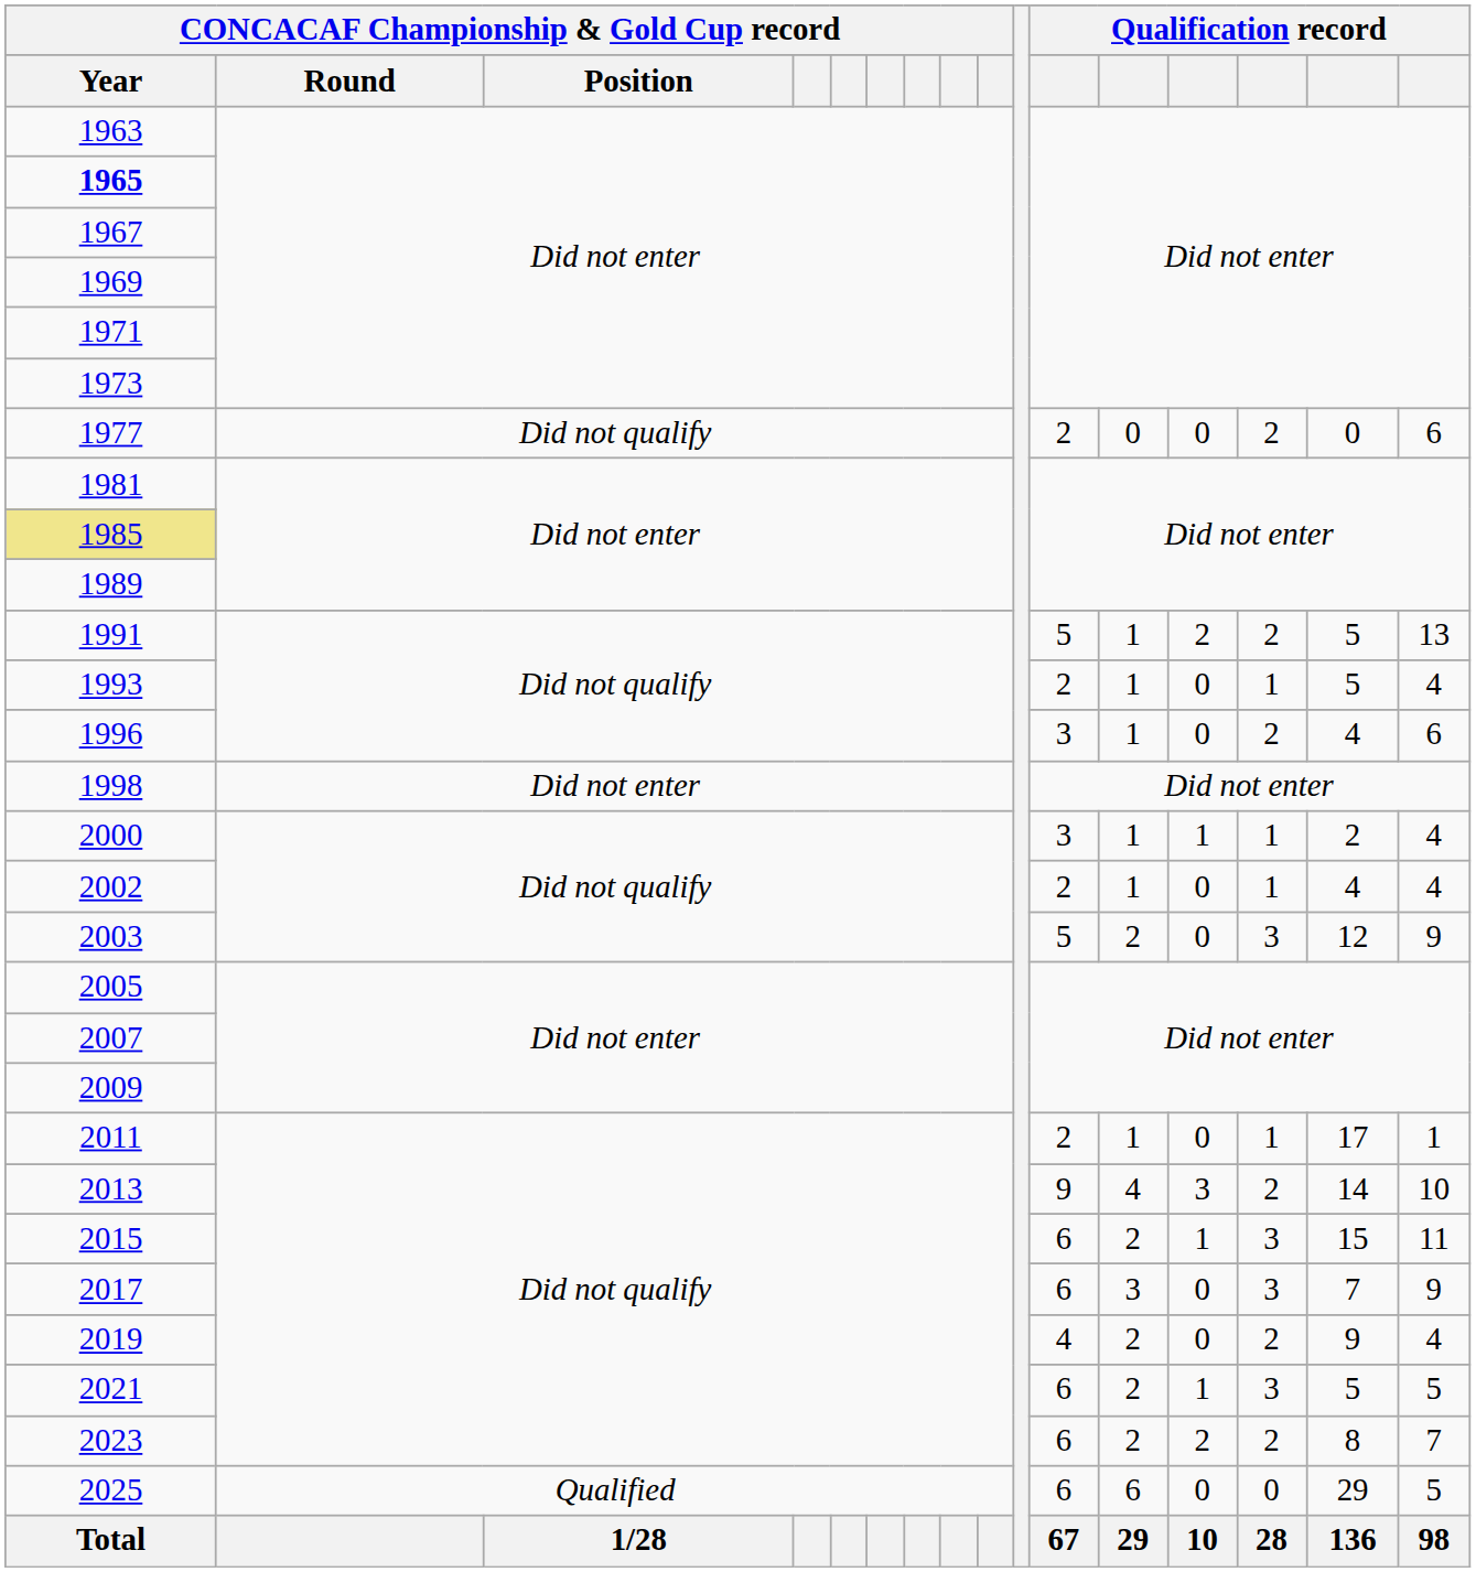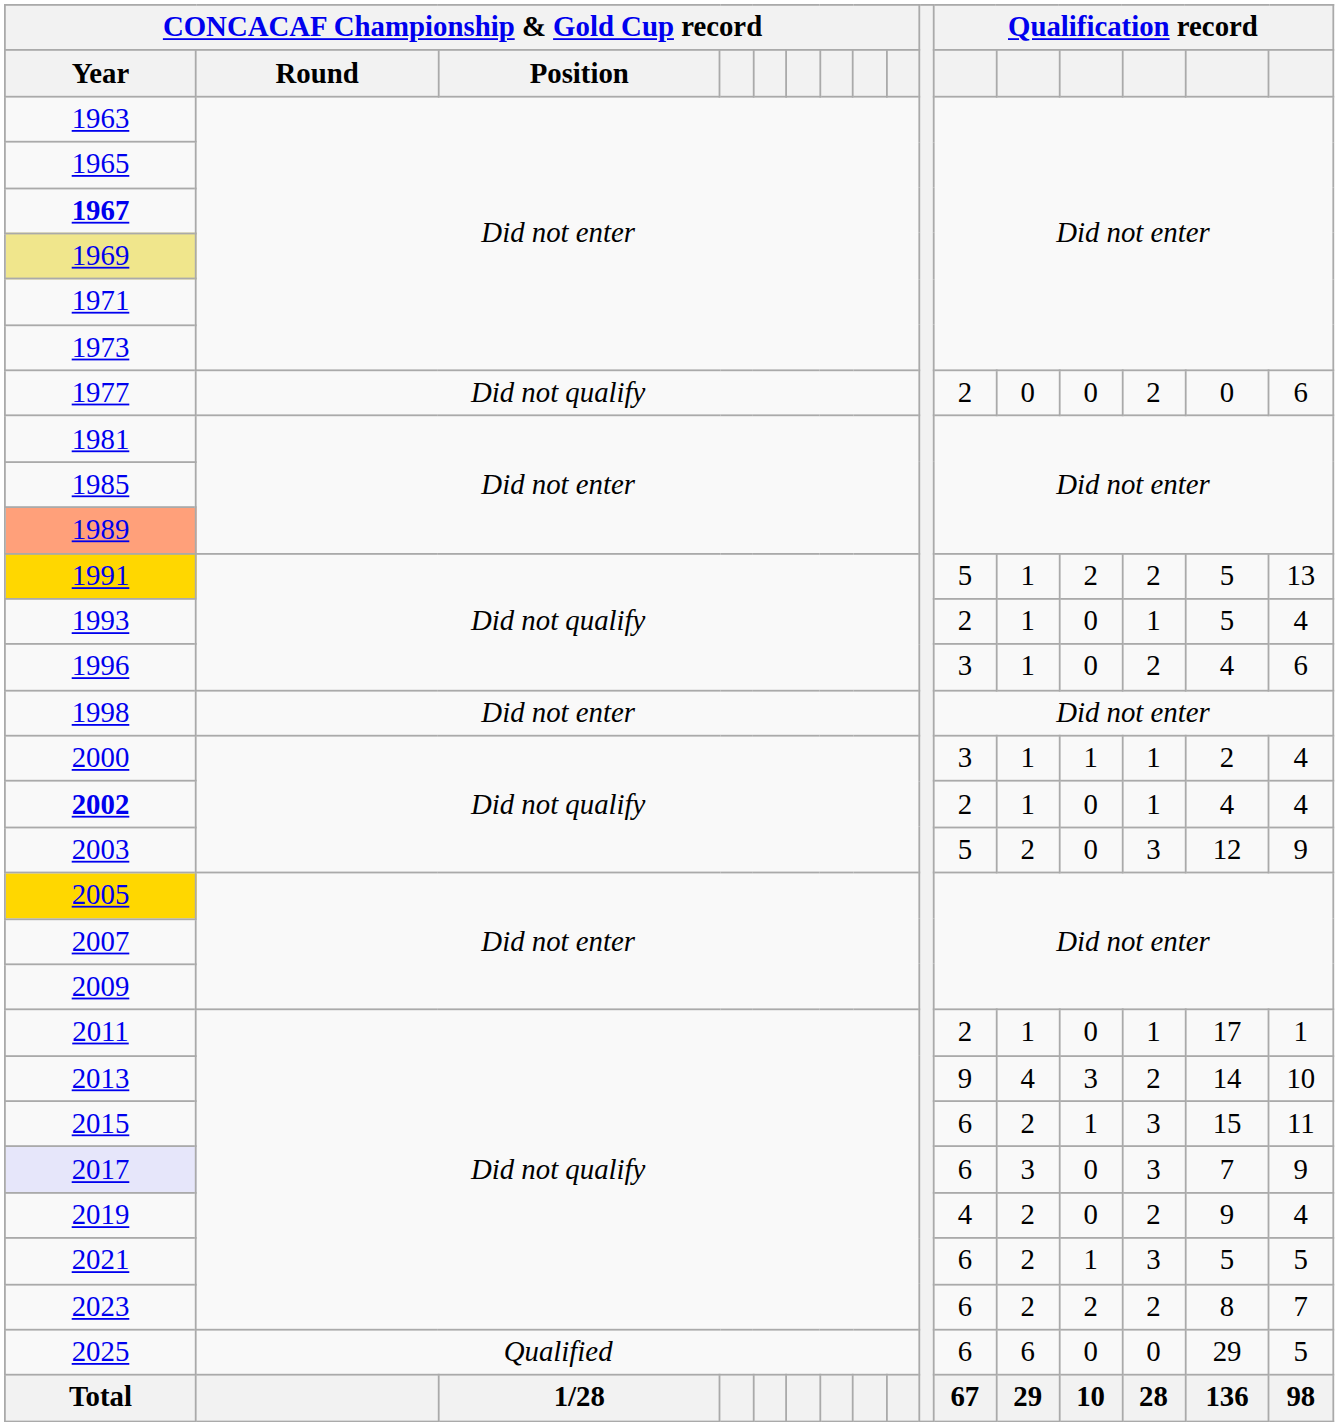 <table class="wikitable" style="text-align: center;">
 <tr>
 <th colspan=9><a href='#'>CONCACAF Championship</a> & <a href='#'>Gold Cup</a> record</th>
 <th width=1% rowspan=31></th>
 <th colspan=6><a href='#'>Qualification</a> record</th>
 </tr>
 <tr>
 <th>Year</th>
 <th>Round</th>
 <th>Position</th>
 <th></th>
 <th></th>
 <th></th>
 <th></th>
 <th></th>
 <th></th>
 <th></th>
 <th></th>
 <th></th>
 <th></th>
 <th></th>
 <th></th>
 </tr>
 <tr>
 <td> <a href='#'>1963</a></td>
 <td colspan=8 rowspan=6><em>Did not enter</em></td>
 <td colspan=6 rowspan=6><em>Did not enter</em></td>
 </tr>
 <tr>
-<td><strong> <a href='#'>1965</a></strong></td>
+<td> <a href='#'>1965</a></td>
 </tr>
 <tr>
-<td> <a href='#'>1967</a></td>
+<td><strong> <a href='#'>1967</a></strong></td>
 </tr>
 <tr>
-<td> <a href='#'>1969</a></td>
+<td style="background: khaki;"> <a href='#'>1969</a></td>
 </tr>
 <tr>
 <td> <a href='#'>1971</a></td>
 </tr>
 <tr>
 <td> <a href='#'>1973</a></td>
 </tr>
 <tr>
 <td> <a href='#'>1977</a></td>
 <td colspan=8><em>Did not qualify</em></td>
 <td>2</td>
 <td>0</td>
 <td>0</td>
 <td>2</td>
 <td>0</td>
 <td>6</td>
 </tr>
 <tr>
 <td> <a href='#'>1981</a></td>
 <td colspan=8 rowspan=3><em>Did not enter</em></td>
 <td colspan=6 rowspan=3><em>Did not enter</em></td>
 </tr>
 <tr>
-<td style="background: khaki;"><a href='#'>1985</a></td>
+<td><a href='#'>1985</a></td>
 </tr>
 <tr>
-<td><a href='#'>1989</a></td>
+<td style="background: lightsalmon;"><a href='#'>1989</a></td>
 </tr>
 <tr>
-<td> <a href='#'>1991</a></td>
+<td style="background: gold;"> <a href='#'>1991</a></td>
 <td colspan=8 rowspan=3><em>Did not qualify</em></td>
 <td>5</td>
 <td>1</td>
 <td>2</td>
 <td>2</td>
 <td>5</td>
 <td>13</td>
 </tr>
 <tr>
 <td>  <a href='#'>1993</a></td>
 <td>2</td>
 <td>1</td>
 <td>0</td>
 <td>1</td>
 <td>5</td>
 <td>4</td>
 </tr>
 <tr>
 <td> <a href='#'>1996</a></td>
 <td>3</td>
 <td>1</td>
 <td>0</td>
 <td>2</td>
 <td>4</td>
 <td>6</td>
 </tr>
 <tr>
 <td> <a href='#'>1998</a></td>
 <td colspan=8><em>Did not enter</em></td>
 <td colspan=6><em>Did not enter</em></td>
 </tr>
 <tr>
 <td> <a href='#'>2000</a></td>
 <td colspan=8 rowspan=3><em>Did not qualify</em></td>
 <td>3</td>
 <td>1</td>
 <td>1</td>
 <td>1</td>
 <td>2</td>
 <td>4</td>
 </tr>
 <tr>
-<td> <a href='#'>2002</a></td>
+<td><strong> <a href='#'>2002</a></strong></td>
 <td>2</td>
 <td>1</td>
 <td>0</td>
 <td>1</td>
 <td>4</td>
 <td>4</td>
 </tr>
 <tr>
 <td>  <a href='#'>2003</a></td>
 <td>5</td>
 <td>2</td>
 <td>0</td>
 <td>3</td>
 <td>12</td>
 <td>9</td>
 </tr>
 <tr>
-<td> <a href='#'>2005</a></td>
+<td style="background: gold;"> <a href='#'>2005</a></td>
 <td colspan=8 rowspan=3><em>Did not enter</em></td>
 <td colspan=6 rowspan=3><em>Did not enter</em></td>
 </tr>
 <tr>
 <td> <a href='#'>2007</a></td>
 </tr>
 <tr>
 <td> <a href='#'>2009</a></td>
 </tr>
 <tr>
 <td> <a href='#'>2011</a></td>
 <td colspan=8 rowspan=7><em>Did not qualify</em></td>
 <td>2</td>
 <td>1</td>
 <td>0</td>
 <td>1</td>
 <td>17</td>
 <td>1</td>
 </tr>
 <tr>
 <td> <a href='#'>2013</a></td>
 <td>9</td>
 <td>4</td>
 <td>3</td>
 <td>2</td>
 <td>14</td>
 <td>10</td>
 </tr>
 <tr>
 <td>  <a href='#'>2015</a></td>
 <td>6</td>
 <td>2</td>
 <td>1</td>
 <td>3</td>
 <td>15</td>
 <td>11</td>
 </tr>
 <tr>
-<td> <a href='#'>2017</a></td>
+<td style="background: lavender;"> <a href='#'>2017</a></td>
 <td>6</td>
 <td>3</td>
 <td>0</td>
 <td>3</td>
 <td>7</td>
 <td>9</td>
 </tr>
 <tr>
 <td>   <a href='#'>2019</a></td>
 <td>4</td>
 <td>2</td>
 <td>0</td>
 <td>2</td>
 <td>9</td>
 <td>4</td>
 </tr>
 <tr>
 <td> <a href='#'>2021</a></td>
 <td>6</td>
 <td>2</td>
 <td>1</td>
 <td>3</td>
 <td>5</td>
 <td>5</td>
 </tr>
 <tr>
 <td>  <a href='#'>2023</a></td>
 <td>6</td>
 <td>2</td>
 <td>2</td>
 <td>2</td>
 <td>8</td>
 <td>7</td>
 </tr>
 <tr>
 <td>  <a href='#'>2025</a></td>
 <td colspan="8"><em>Qualified</em></td>
 <td>6</td>
 <td>6</td>
 <td>0</td>
 <td>0</td>
 <td>29</td>
 <td>5</td>
 </tr>
 <tr>
 <th>Total</th>
 <th></th>
 <th>1/28</th>
 <th></th>
 <th></th>
 <th></th>
 <th></th>
 <th></th>
 <th></th>
 <th>67</th>
 <th>29</th>
 <th>10</th>
 <th>28</th>
 <th>136</th>
 <th>98</th>
 </tr>
 </table>
